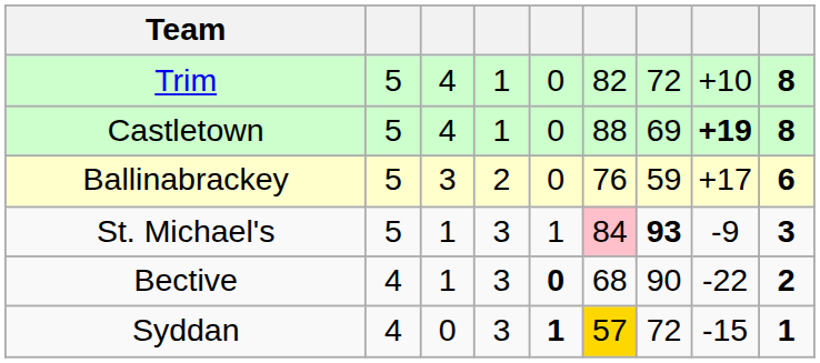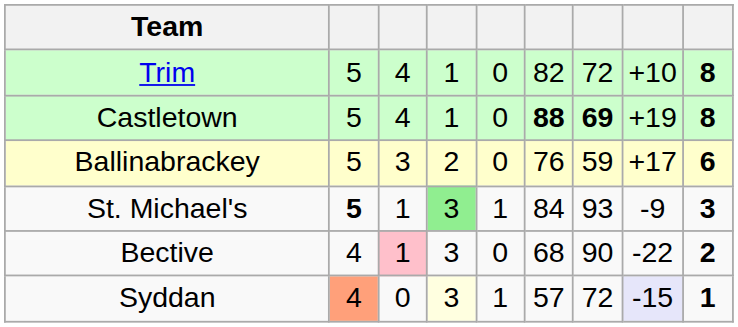 <table class="wikitable" style="text-align:center">
 <tr>
 <th style="width:175px;">Team</th>
 <th width="20"></th>
 <th width="20"></th>
 <th width="20"></th>
 <th width="20"></th>
 <th width="20"></th>
 <th width="20"></th>
 <th width="20"></th>
 <th width="20"></th>
 </tr>
 <tr style="background:#cfc;">
 <td><a href='#'>Trim</a></td>
 <td>5</td>
 <td>4</td>
 <td>1</td>
 <td>0</td>
 <td>82</td>
 <td>72</td>
 <td>+10</td>
 <td><strong>8</strong></td>
 </tr>
 <tr style="background:#cfc;">
 <td>Castletown</td>
 <td>5</td>
 <td>4</td>
 <td>1</td>
 <td>0</td>
-<td>88</td>
-<td>69</td>
-<td><strong>+19</strong></td>
+<td><strong>88</strong></td>
+<td><strong>69</strong></td>
+<td>+19</td>
 <td><strong>8</strong></td>
 </tr>
 <tr style="background:#ffffcc;">
 <td>Ballinabrackey</td>
 <td>5</td>
 <td>3</td>
 <td>2</td>
 <td>0</td>
 <td>76</td>
 <td>59</td>
 <td>+17</td>
 <td><strong>6</strong></td>
 </tr>
 <tr>
 <td>St. Michael's</td>
-<td>5</td>
+<td><strong>5</strong></td>
 <td>1</td>
-<td>3</td>
+<td style="background: lightgreen;">3</td>
 <td>1</td>
-<td style="background: pink;">84</td>
-<td><strong>93</strong></td>
+<td>84</td>
+<td>93</td>
 <td>-9</td>
 <td><strong>3</strong></td>
 </tr>
 <tr>
 <td>Bective</td>
 <td>4</td>
-<td>1</td>
+<td style="background: pink;">1</td>
 <td>3</td>
-<td><strong>0</strong></td>
+<td>0</td>
 <td>68</td>
 <td>90</td>
 <td>-22</td>
 <td><strong>2</strong></td>
 </tr>
 <tr>
 <td>Syddan</td>
-<td>4</td>
+<td style="background: lightsalmon;">4</td>
 <td>0</td>
-<td>3</td>
-<td><strong>1</strong></td>
-<td style="background: gold;">57</td>
+<td style="background: lightyellow;">3</td>
+<td>1</td>
+<td>57</td>
 <td>72</td>
-<td>-15</td>
+<td style="background: lavender;">-15</td>
 <td><strong>1</strong></td>
 </tr>
 </table>
